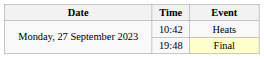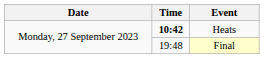 <table class = "wikitable" style="text-align:center;">
 <tr>
 <th width=220>Date</th>
 <th width=50>Time</th>
 <th width=100>Event</th>
 </tr>
 <tr>
 <td rowspan=3>Monday, 27 September 2023</td>
-<td>10:42</td>
+<td><strong>10:42</strong></td>
 <td>Heats</td>
 </tr>
 <tr>
 <td>19:48</td>
 <td bgcolor=ffffcc>Final</td>
 </tr>
 </table>
